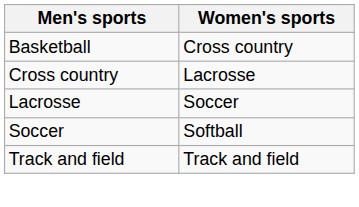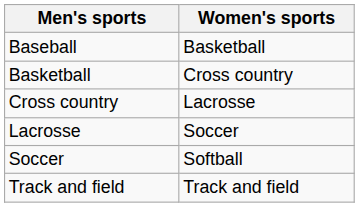 <table class="wikitable"; style= "text-align: ">
 <tr>
 <th width=150px>Men's sports</th>
 <th width=150px>Women's sports</th>
+</tr>
+<tr>
+<td>Baseball</td>
+<td>Basketball</td>
 </tr>
 <tr>
 <td>Basketball</td>
 <td>Cross country</td>
 </tr>
 <tr>
 <td>Cross country</td>
 <td>Lacrosse</td>
 </tr>
 <tr>
 <td>Lacrosse</td>
 <td>Soccer</td>
 </tr>
 <tr>
 <td>Soccer</td>
 <td>Softball</td>
 </tr>
 <tr>
 <td>Track and field</td>
 <td>Track and field</td>
 </tr>
 </table>
